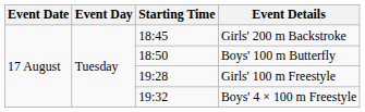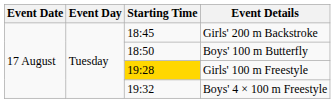 <table class="wikitable">
 <tr>
 <th>Event Date</th>
 <th>Event Day</th>
 <th>Starting Time</th>
 <th>Event Details</th>
 </tr>
 <tr>
 <td rowspan=4>17 August</td>
 <td rowspan=4>Tuesday</td>
 <td>18:45</td>
 <td>Girls' 200 m Backstroke</td>
 </tr>
 <tr>
 <td>18:50</td>
 <td>Boys' 100 m Butterfly</td>
 </tr>
 <tr>
-<td>19:28</td>
+<td style="background: gold;">19:28</td>
 <td>Girls' 100 m Freestyle</td>
 </tr>
 <tr>
 <td>19:32</td>
 <td>Boys' 4 × 100 m Freestyle</td>
 </tr>
 </table>
